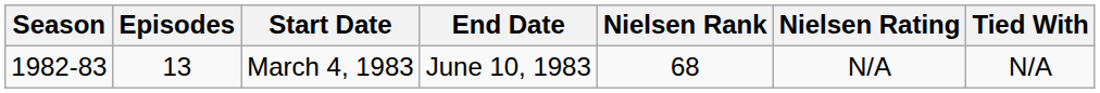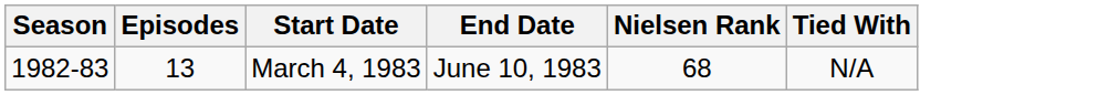 <table class="wikitable" style="text-align: center">
 <tr>
 <th>Season</th>
 <th>Episodes</th>
 <th>Start Date</th>
 <th>End Date</th>
 <th>Nielsen Rank</th>
-<th>Nielsen Rating</th>
 <th>Tied With</th>
 </tr>
 <tr>
 <td style="text-align:center">1982-83</td>
 <td style="text-align:center">13</td>
 <td style="text-align:center">March 4, 1983</td>
 <td style="text-align:center">June 10, 1983</td>
 <td style="text-align:center:">68</td>
 <td style="text-align:center">N/A</td>
-<td style="text-align:center">N/A</td>
 </tr>
 </table>
